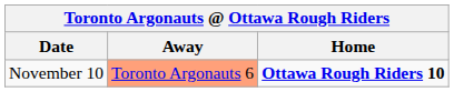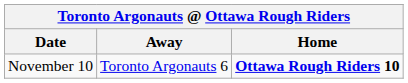 <table class="wikitable">
 <tr>
 <th colspan=4><a href='#'>Toronto Argonauts</a> @ <a href='#'>Ottawa Rough Riders</a></th>
 </tr>
 <tr>
 <th>Date</th>
 <th>Away</th>
 <th>Home</th>
 </tr>
 <tr>
 <td>November 10</td>
-<td style="background: lightsalmon;"><a href='#'>Toronto Argonauts</a> 6</td>
+<td><a href='#'>Toronto Argonauts</a> 6</td>
 <td><strong><a href='#'>Ottawa Rough Riders</a> 10</strong></td>
 </tr>
 </table>
